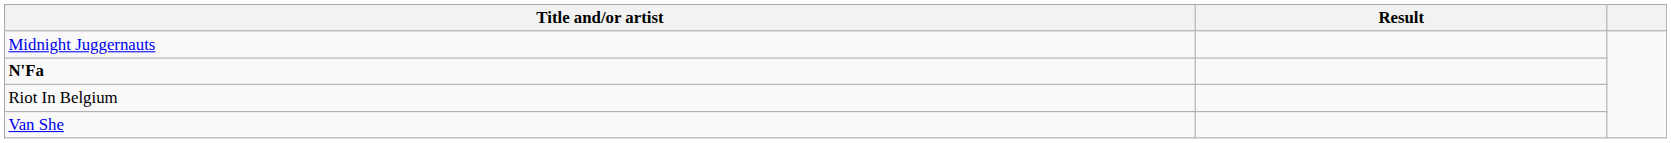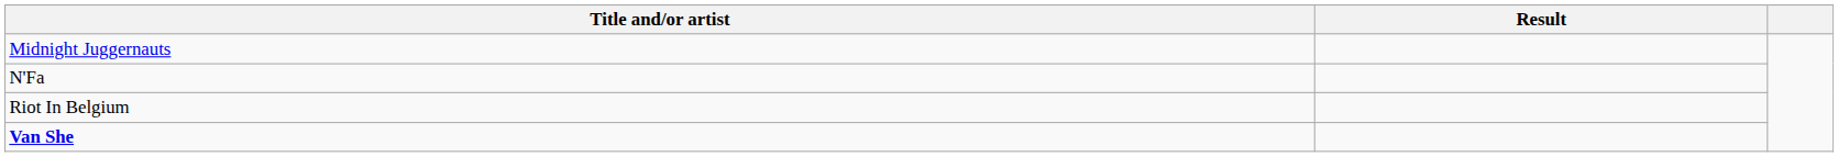 <table class="wikitable" width="100%">
 <tr>
 <th scope="col">Title and/or artist</th>
 <th scope="col">Result</th>
 <th scope="col"></th>
 </tr>
 <tr>
 <td><a href='#'>Midnight Juggernauts</a></td>
 <td></td>
 <td rowspan="4"></td>
 </tr>
 <tr>
-<td><strong>N'Fa</strong></td>
+<td>N'Fa</td>
 <td></td>
 </tr>
 <tr>
 <td>Riot In Belgium</td>
 <td></td>
 </tr>
 <tr>
-<td><a href='#'>Van She</a></td>
+<td><strong><a href='#'>Van She</a></strong></td>
 <td></td>
 </tr>
 </table>
